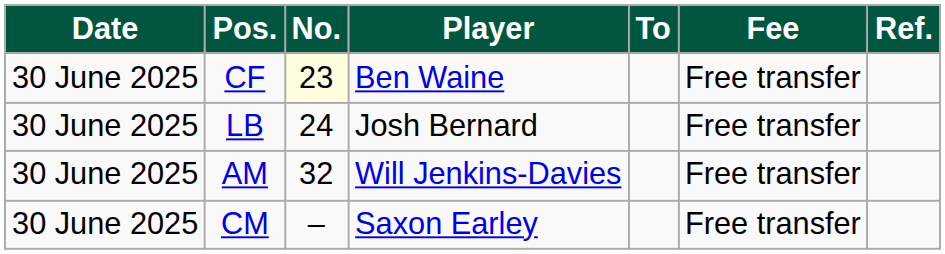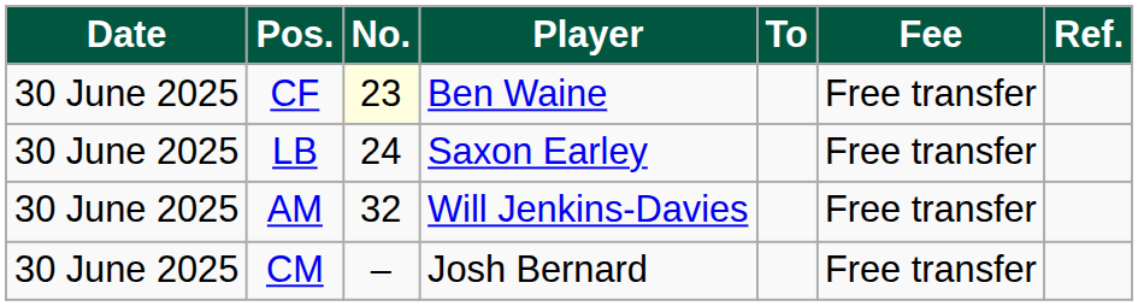 <table class="wikitable plainrowheaders sortable">
 <tr>
 <th style="background:#00563F; color:white; ">Date</th>
 <th style="background:#00563F; color:white; ">Pos.</th>
 <th style="background:#00563F; color:white; ">No.</th>
 <th style="background:#00563F; color:white; ">Player</th>
 <th style="background:#00563F; color:white; ">To</th>
 <th style="background:#00563F; color:white; ">Fee</th>
 <th style="background:#00563F; color:white; ">Ref.</th>
 </tr>
 <tr>
 <td>30 June 2025</td>
 <td style="text-align:center"><a href='#'>CF</a></td>
 <td style="background: lightyellow; text-align:center">23</td>
 <td> <a href='#'>Ben Waine</a></td>
 <td></td>
 <td> Free transfer</td>
 <td></td>
 </tr>
 <tr>
 <td>30 June 2025</td>
 <td style="text-align:center"><a href='#'>LB</a></td>
 <td style="text-align:center">24</td>
-<td> Josh Bernard</td>
+<td> <a href='#'>Saxon Earley</a></td>
 <td></td>
 <td> Free transfer</td>
 <td></td>
 </tr>
 <tr>
 <td>30 June 2025</td>
 <td style="text-align:center"><a href='#'>AM</a></td>
 <td style="text-align:center">32</td>
 <td> <a href='#'>Will Jenkins-Davies</a></td>
 <td></td>
 <td> Free transfer</td>
 <td></td>
 </tr>
 <tr>
 <td>30 June 2025</td>
 <td style="text-align:center"><a href='#'>CM</a></td>
 <td style="text-align:center">–</td>
-<td> <a href='#'>Saxon Earley</a></td>
+<td> Josh Bernard</td>
 <td></td>
 <td> Free transfer</td>
 <td></td>
 </tr>
 </table>
